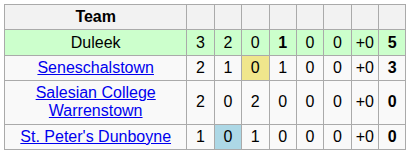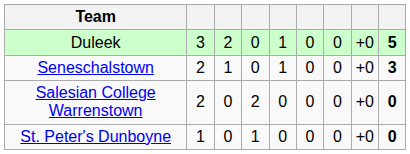 <table class="wikitable" style="text-align:center">
 <tr>
 <th width="175">Team</th>
 <th width="20"></th>
 <th width="20"></th>
 <th width="20"></th>
 <th width="20"></th>
 <th width="20"></th>
 <th width="20"></th>
 <th width="20"></th>
 <th width="20"></th>
 </tr>
 <tr style="background:#cfc;">
 <td>Duleek</td>
 <td>3</td>
 <td>2</td>
 <td>0</td>
-<td><strong>1</strong></td>
+<td>1</td>
 <td>0</td>
 <td>0</td>
 <td>+0</td>
 <td><strong>5</strong></td>
 </tr>
 <tr>
 <td><a href='#'>Seneschalstown</a></td>
 <td>2</td>
 <td>1</td>
-<td style="background: khaki;">0</td>
+<td>0</td>
 <td>1</td>
 <td>0</td>
 <td>0</td>
 <td>+0</td>
 <td><strong>3</strong></td>
 </tr>
 <tr>
 <td><a href='#'>Salesian College Warrenstown</a></td>
 <td>2</td>
 <td>0</td>
 <td>2</td>
 <td>0</td>
 <td>0</td>
 <td>0</td>
 <td>+0</td>
 <td><strong>0</strong></td>
 </tr>
 <tr>
 <td><a href='#'>St. Peter's Dunboyne</a></td>
 <td>1</td>
-<td style="background: lightblue;">0</td>
+<td>0</td>
 <td>1</td>
 <td>0</td>
 <td>0</td>
 <td>0</td>
 <td>+0</td>
 <td><strong>0</strong></td>
 </tr>
 </table>
